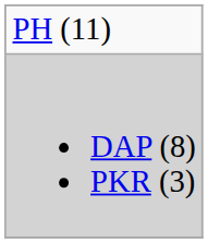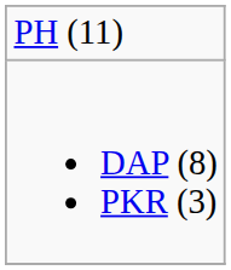 <table class="wikitable">
 <tr>
 <td> <a href='#'>PH</a> (11)</td>
 </tr>
 <tr>
-<td style="background: lightgrey;"><br><ul><li> <a href='#'>DAP</a> (8)</li><li> <a href='#'>PKR</a> (3)</li></ul></td>
+<td><br><ul><li> <a href='#'>DAP</a> (8)</li><li> <a href='#'>PKR</a> (3)</li></ul></td>
 </tr>
 <tr>
 </tr>
 </table>
